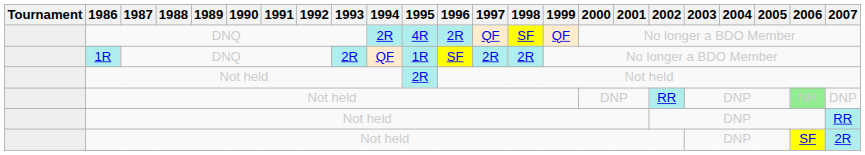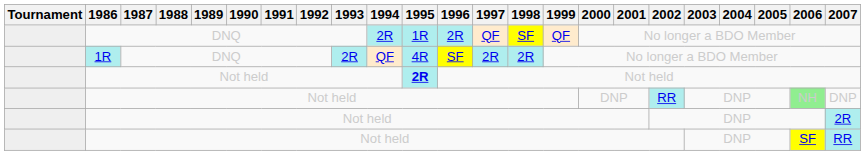 <table class="wikitable" style="width:50%; margin:0">
 <tr>
 <th>Tournament</th>
 <th>1986</th>
 <th>1987</th>
 <th>1988</th>
 <th>1989</th>
 <th>1990</th>
 <th>1991</th>
 <th>1992</th>
 <th>1993</th>
 <th>1994</th>
 <th>1995</th>
 <th>1996</th>
 <th>1997</th>
 <th>1998</th>
 <th>1999</th>
 <th>2000</th>
 <th>2001</th>
 <th>2002</th>
 <th>2003</th>
 <th>2004</th>
 <th>2005</th>
 <th>2006</th>
 <th>2007</th>
 </tr>
 <tr>
 <td style="background:#efefef;"></td>
 <td colspan="8" style="text-align:center; color:#ccc;">DNQ</td>
 <td style="text-align:center; background:#afeeee;"><a href='#'>2R</a></td>
-<td style="text-align:center; background:#afeeee;"><a href='#'>4R</a></td>
+<td style="text-align:center; background:#afeeee;"><a href='#'>1R</a></td>
 <td style="text-align:center; background:#afeeee;"><a href='#'>2R</a></td>
 <td style="text-align:center; background:#ffebcd;"><a href='#'>QF</a></td>
 <td style="text-align:center; background:yellow;"><a href='#'>SF</a></td>
 <td style="text-align:center; background:#ffebcd;"><a href='#'>QF</a></td>
 <td colspan="14" style="text-align:center; color:#ccc;">No longer a BDO Member</td>
 </tr>
 <tr>
 <td style="background:#efefef;"></td>
 <td style="text-align:center; background:#afeeee;"><a href='#'>1R</a></td>
 <td colspan="6" style="text-align:center; color:#ccc;">DNQ</td>
 <td style="text-align:center; background:#afeeee;"><a href='#'>2R</a></td>
 <td style="text-align:center; background:#ffebcd;"><a href='#'>QF</a></td>
-<td style="text-align:center; background:#afeeee;"><a href='#'>1R</a></td>
+<td style="text-align:center; background:#afeeee;"><a href='#'>4R</a></td>
 <td style="text-align:center; background:yellow;"><a href='#'>SF</a></td>
 <td style="text-align:center; background:#afeeee;"><a href='#'>2R</a></td>
 <td style="text-align:center; background:#afeeee;"><a href='#'>2R</a></td>
 <td colspan="15" style="text-align:center; color:#ccc;">No longer a BDO Member</td>
 </tr>
 <tr>
 <td style="background:#efefef;"></td>
 <td colspan="9" style="text-align:center; color:#ccc;">Not held</td>
-<td style="text-align:center; background:#afeeee;"><a href='#'>2R</a></td>
+<td style="text-align:center; background:#afeeee;"><strong><a href='#'>2R</a></strong></td>
 <td colspan="18" style="text-align:center; color:#ccc;">Not held</td>
 </tr>
 <tr>
 <td style="background:#efefef;"></td>
 <td colspan="14" style="text-align:center; color:#ccc;">Not held</td>
 <td colspan="2"  style="text-align:center; color:#ccc;">DNP</td>
 <td style="text-align:center; background:#afeeee;"><a href='#'>RR</a></td>
 <td colspan="3"  style="text-align:center; color:#ccc;">DNP</td>
 <td style="background: lightgreen; text-align:center; color:#ccc;">NH</td>
 <td colspan="7" style="text-align:center; color:#ccc;">DNP</td>
 </tr>
 <tr>
 <td style="background:#efefef;"></td>
 <td colspan="16" style="text-align:center; color:#ccc;">Not held</td>
 <td colspan="5" style="text-align:center; color:#ccc;">DNP</td>
-<td style="text-align:center; background:#afeeee;"><a href='#'>RR</a></td>
+<td style="text-align:center; background:#afeeee;"><a href='#'>2R</a></td>
 </tr>
 <tr>
 <td style="background:#efefef;"></td>
 <td colspan="17" style="text-align:center; color:#ccc;">Not held</td>
 <td colspan="3" style="text-align:center; color:#ccc;">DNP</td>
 <td style="text-align:center; background:yellow;"><a href='#'>SF</a></td>
-<td style="text-align:center; background:#afeeee;"><a href='#'>2R</a></td>
+<td style="text-align:center; background:#afeeee;"><a href='#'>RR</a></td>
 </tr>
 </table>
